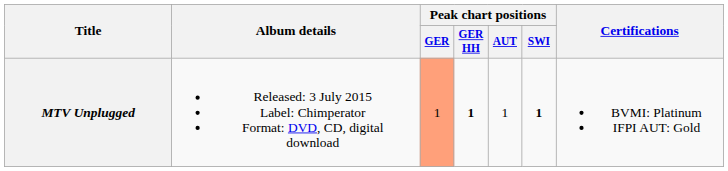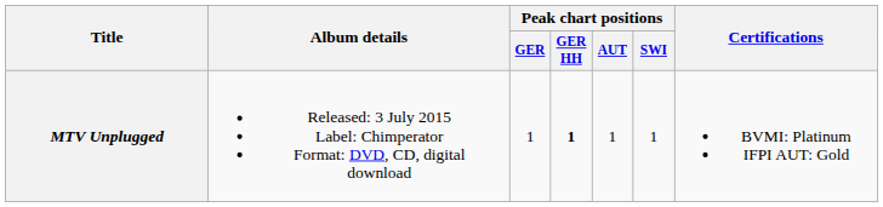 <table class="wikitable plainrowheaders" style="text-align:center;">
 <tr>
 <th scope="col" rowspan="2" style="width:12em;">Title</th>
 <th scope="col" rowspan="2" style="width:18em;">Album details</th>
 <th scope="col" colspan="4">Peak chart positions</th>
 <th scope="col" rowspan="2" style="width:12em;"><a href='#'>Certifications</a></th>
 </tr>
 <tr>
 <th style="width:2.5em; font-size:85%"><a href='#'>GER</a><br></th>
 <th style="width:2.5em; font-size:85%"><a href='#'>GER<br>HH</a><br></th>
 <th style="width:2.5em; font-size:85%"><a href='#'>AUT</a><br></th>
 <th style="width:2.5em; font-size:85%"><a href='#'>SWI</a><br></th>
 </tr>
 <tr>
 <th scope="row"><em>MTV Unplugged</em></th>
 <td><br><ul><li>Released: 3 July 2015</li><li>Label: Chimperator</li><li>Format: <a href='#'>DVD</a>, CD, digital<br>download</li></ul></td>
-<td style="background: lightsalmon;">1</td>
+<td>1</td>
 <td><strong>1</strong></td>
 <td>1</td>
-<td><strong>1</strong></td>
+<td>1</td>
 <td><br><ul><li>BVMI: Platinum</li><li>IFPI AUT: Gold</li></ul></td>
 </tr>
 </table>
